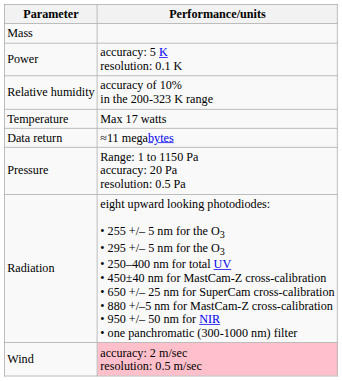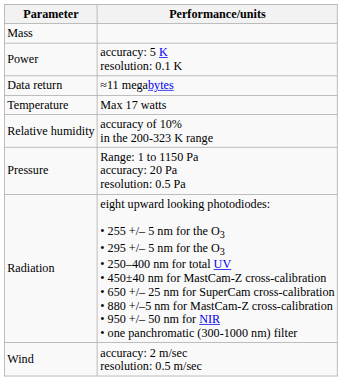 <table class="wikitable">
 <tr>
 <th>Parameter</th>
 <th>Performance/units</th>
 </tr>
 <tr>
 <td>Mass</td>
 <td></td>
 </tr>
 <tr>
 <td>Power</td>
 <td>accuracy: 5 <a href='#'>K</a> <br> resolution: 0.1 K</td>
 </tr>
 <tr>
-<td>Relative humidity</td>
-<td>accuracy of 10% <br>in the 200-323 K range</td>
+<td>Data return</td>
+<td>≈11 mega<a href='#'>bytes</a></td>
 </tr>
 <tr>
 <td>Temperature</td>
 <td>Max 17 watts</td>
 </tr>
 <tr>
-<td>Data return</td>
-<td>≈11 mega<a href='#'>bytes</a></td>
+<td>Relative humidity</td>
+<td>accuracy of 10% <br>in the 200-323 K range</td>
 </tr>
 <tr>
 <td>Pressure</td>
 <td>Range: 1 to 1150 Pa <br> accuracy: 20 Pa <br> resolution: 0.5 Pa</td>
 </tr>
 <tr>
 <td>Radiation</td>
 <td>eight upward looking photodiodes:<br><br>• 255 +/– 5 nm for the O<sub>3</sub> <br> • 295 +/– 5 nm for the O<sub>3</sub> <br> • 250–400 nm for total <a href='#'>UV</a> <br> • 450±40 nm for MastCam-Z cross-calibration <br> • 650 +/– 25 nm for SuperCam cross-calibration <br> • 880 +/–5 nm for MastCam-Z cross-calibration <br> • 950 +/– 50 nm for <a href='#'>NIR</a> <br> • one panchromatic (300-1000 nm) filter <br></td>
 </tr>
 <tr>
 <td>Wind</td>
-<td style="background: pink;">accuracy:  2 m/sec<br> resolution: 0.5 m/sec</td>
+<td>accuracy:  2 m/sec<br> resolution: 0.5 m/sec</td>
 </tr>
 </table>
